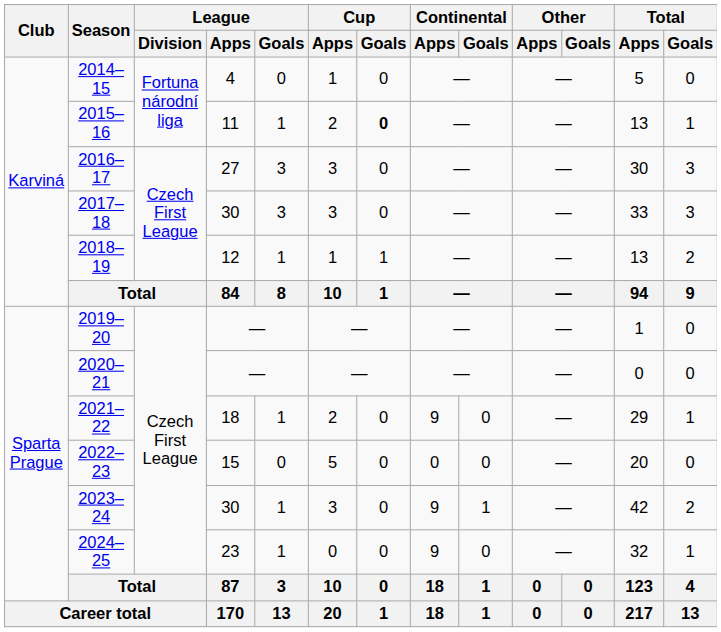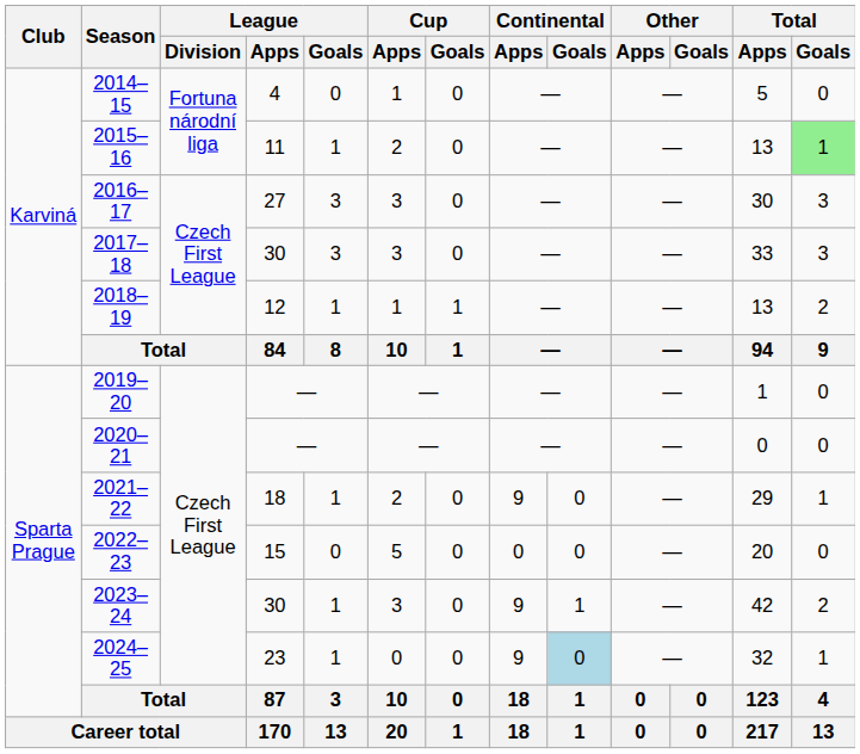 <table class="wikitable" style="text-align:center">
 <tr>
 <th rowspan="2">Club</th>
 <th rowspan="2">Season</th>
 <th colspan="3">League</th>
 <th colspan="2">Cup</th>
 <th colspan="2">Continental</th>
 <th colspan="2">Other</th>
 <th colspan="2">Total</th>
 </tr>
 <tr>
 <th>Division</th>
 <th>Apps</th>
 <th>Goals</th>
 <th>Apps</th>
 <th>Goals</th>
 <th>Apps</th>
 <th>Goals</th>
 <th>Apps</th>
 <th>Goals</th>
 <th>Apps</th>
 <th>Goals</th>
 </tr>
 <tr>
 <td rowspan="6"><a href='#'>Karviná</a></td>
 <td><a href='#'>2014–15</a></td>
 <td rowspan="2"><a href='#'>Fortuna národní liga</a></td>
 <td>4</td>
 <td>0</td>
 <td>1</td>
 <td>0</td>
 <td colspan="2">—</td>
 <td colspan="2">—</td>
 <td>5</td>
 <td>0</td>
 </tr>
 <tr>
 <td><a href='#'>2015–16</a></td>
 <td>11</td>
 <td>1</td>
 <td>2</td>
-<td><strong>0</strong></td>
+<td>0</td>
 <td colspan="2">—</td>
 <td colspan="2">—</td>
 <td>13</td>
-<td>1</td>
+<td style="background: lightgreen;">1</td>
 </tr>
 <tr>
 <td><a href='#'>2016–17</a></td>
 <td rowspan="3"><a href='#'>Czech First League</a></td>
 <td>27</td>
 <td>3</td>
 <td>3</td>
 <td>0</td>
 <td colspan="2">—</td>
 <td colspan="2">—</td>
 <td>30</td>
 <td>3</td>
 </tr>
 <tr>
 <td><a href='#'>2017–18</a></td>
 <td>30</td>
 <td>3</td>
 <td>3</td>
 <td>0</td>
 <td colspan="2">—</td>
 <td colspan="2">—</td>
 <td>33</td>
 <td>3</td>
 </tr>
 <tr>
 <td><a href='#'>2018–19</a></td>
 <td>12</td>
 <td>1</td>
 <td>1</td>
 <td>1</td>
 <td colspan="2">—</td>
 <td colspan="2">—</td>
 <td>13</td>
 <td>2</td>
 </tr>
 <tr>
 <th colspan="2">Total</th>
 <th>84</th>
 <th>8</th>
 <th>10</th>
 <th>1</th>
 <th colspan="2">—</th>
 <th colspan="2">—</th>
 <th>94</th>
 <th>9</th>
 </tr>
 <tr>
 <td rowspan="7"><a href='#'>Sparta Prague</a></td>
 <td><a href='#'>2019–20</a></td>
 <td rowspan="6">Czech First League</td>
 <td colspan="2">—</td>
 <td colspan="2">—</td>
 <td colspan="2">—</td>
 <td colspan="2">—</td>
 <td>1</td>
 <td>0</td>
 </tr>
 <tr>
 <td><a href='#'>2020–21</a></td>
 <td colspan="2">—</td>
 <td colspan="2">—</td>
 <td colspan="2">—</td>
 <td colspan="2">—</td>
 <td>0</td>
 <td>0</td>
 </tr>
 <tr>
 <td><a href='#'>2021–22</a></td>
 <td>18</td>
 <td>1</td>
 <td>2</td>
 <td>0</td>
 <td>9</td>
 <td>0</td>
 <td colspan="2">—</td>
 <td>29</td>
 <td>1</td>
 </tr>
 <tr>
 <td><a href='#'>2022–23</a></td>
 <td>15</td>
 <td>0</td>
 <td>5</td>
 <td>0</td>
 <td>0</td>
 <td>0</td>
 <td colspan="2">—</td>
 <td>20</td>
 <td>0</td>
 </tr>
 <tr>
 <td><a href='#'>2023–24</a></td>
 <td>30</td>
 <td>1</td>
 <td>3</td>
 <td>0</td>
 <td>9</td>
 <td>1</td>
 <td colspan="2">—</td>
 <td>42</td>
 <td>2</td>
 </tr>
 <tr>
 <td><a href='#'>2024–25</a></td>
 <td>23</td>
 <td>1</td>
 <td>0</td>
 <td>0</td>
 <td>9</td>
-<td>0</td>
+<td style="background: lightblue;">0</td>
 <td colspan="2">—</td>
 <td>32</td>
 <td>1</td>
 </tr>
 <tr>
 <th colspan="2">Total</th>
 <th>87</th>
 <th>3</th>
 <th>10</th>
 <th>0</th>
 <th>18</th>
 <th>1</th>
 <th>0</th>
 <th>0</th>
 <th>123</th>
 <th>4</th>
 </tr>
 <tr>
 <th colspan="3">Career total</th>
 <th>170</th>
 <th>13</th>
 <th>20</th>
 <th>1</th>
 <th>18</th>
 <th>1</th>
 <th>0</th>
 <th>0</th>
 <th>217</th>
 <th>13</th>
 </tr>
 </table>
